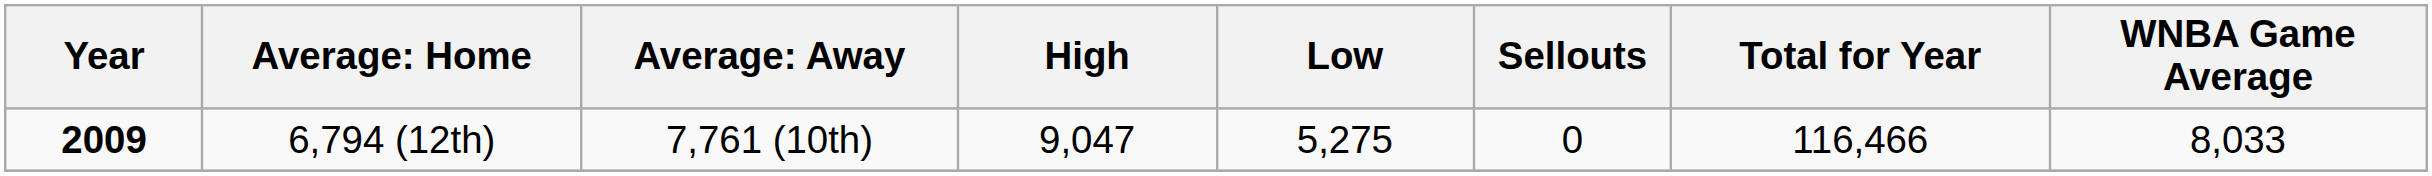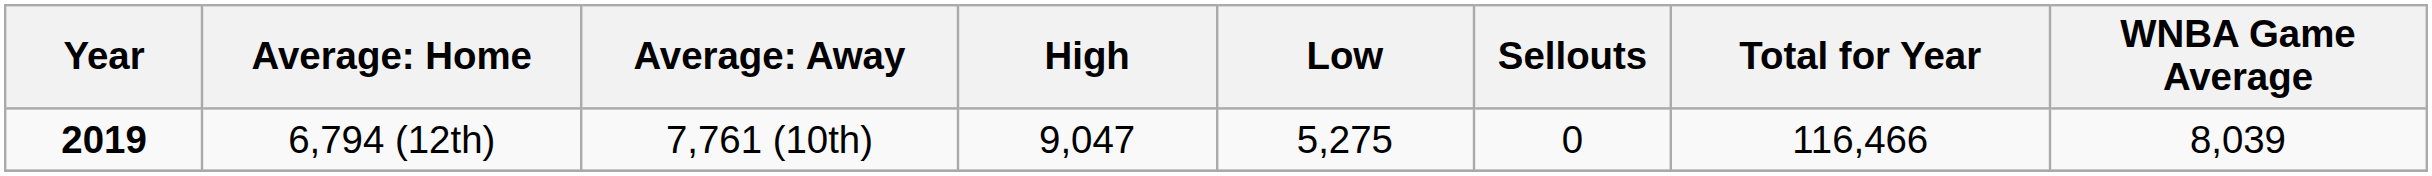 <table class="wikitable">
 <tr>
 <th width=75>Year</th>
 <th width=150>Average: Home</th>
 <th width=150>Average: Away</th>
 <th width=100>High</th>
 <th width=100>Low</th>
 <th width=75>Sellouts</th>
 <th width=150>Total for Year</th>
 <th width=150>WNBA Game Average</th>
 </tr>
 <tr align="center">
-<td><strong>2009</strong></td>
+<td><strong>2019</strong></td>
 <td>6,794 (12th)</td>
 <td>7,761 (10th)</td>
 <td>9,047</td>
 <td>5,275</td>
 <td>0</td>
 <td>116,466</td>
-<td>8,033</td>
+<td>8,039</td>
 </tr>
 <tr>
 </tr>
 </table>
